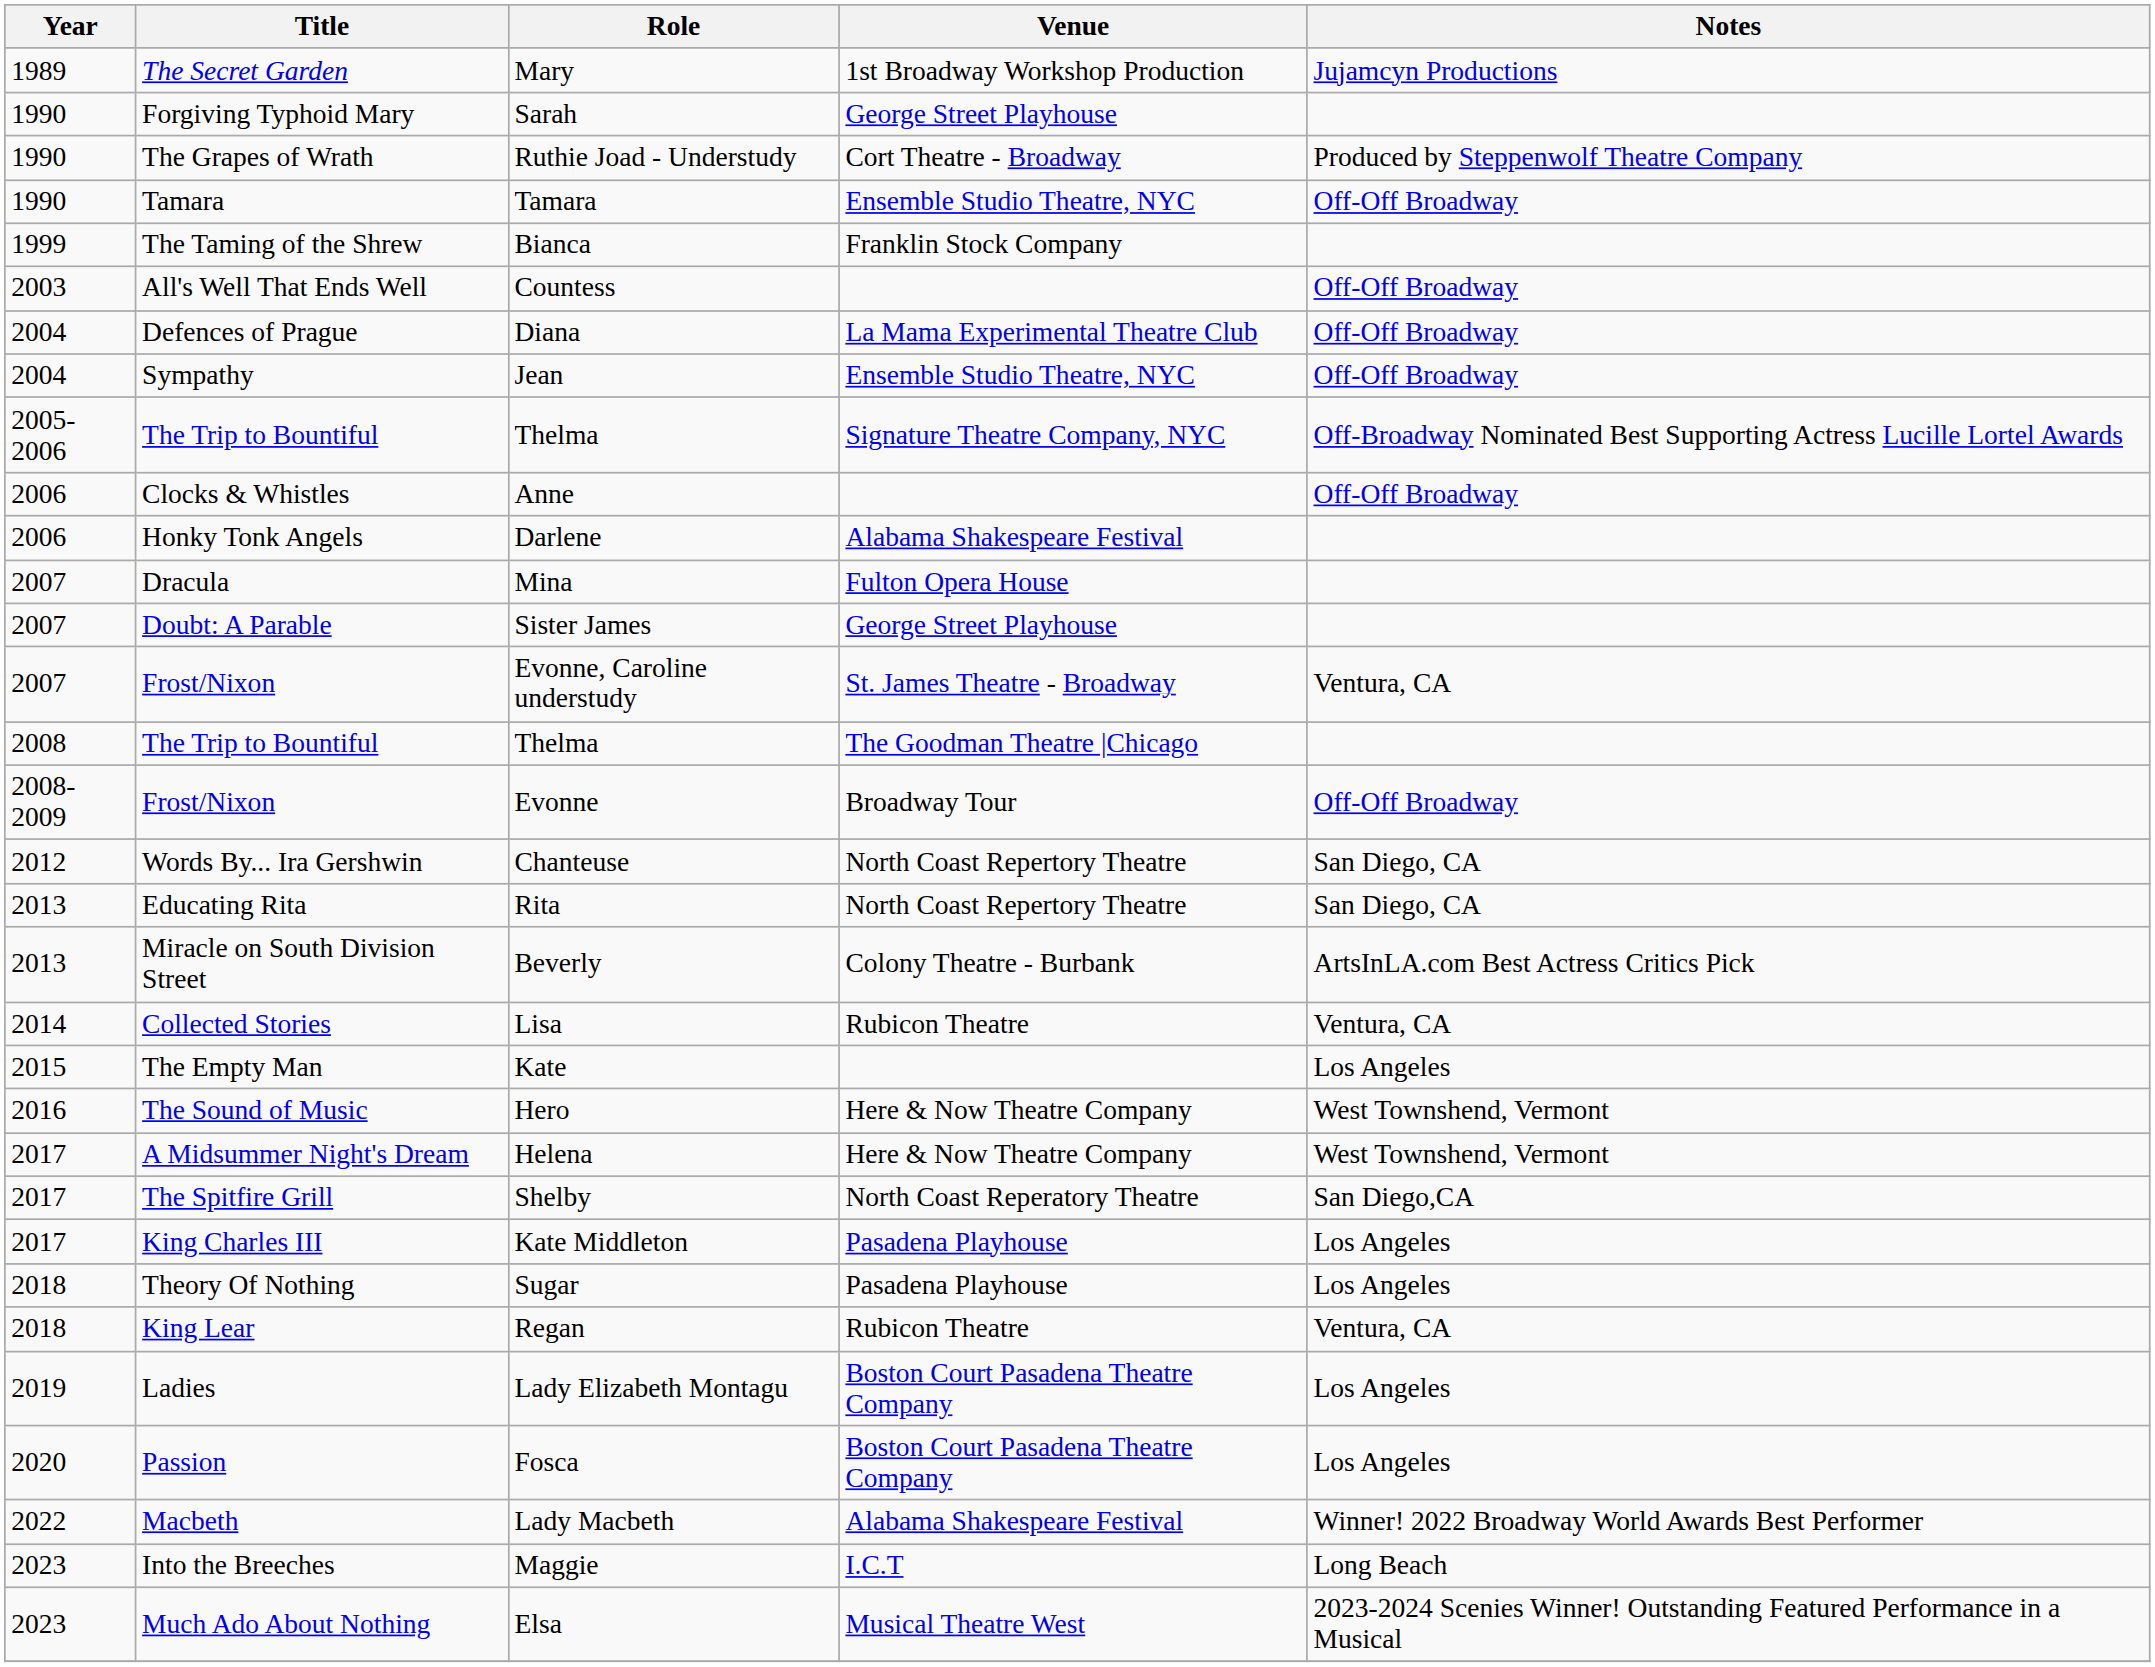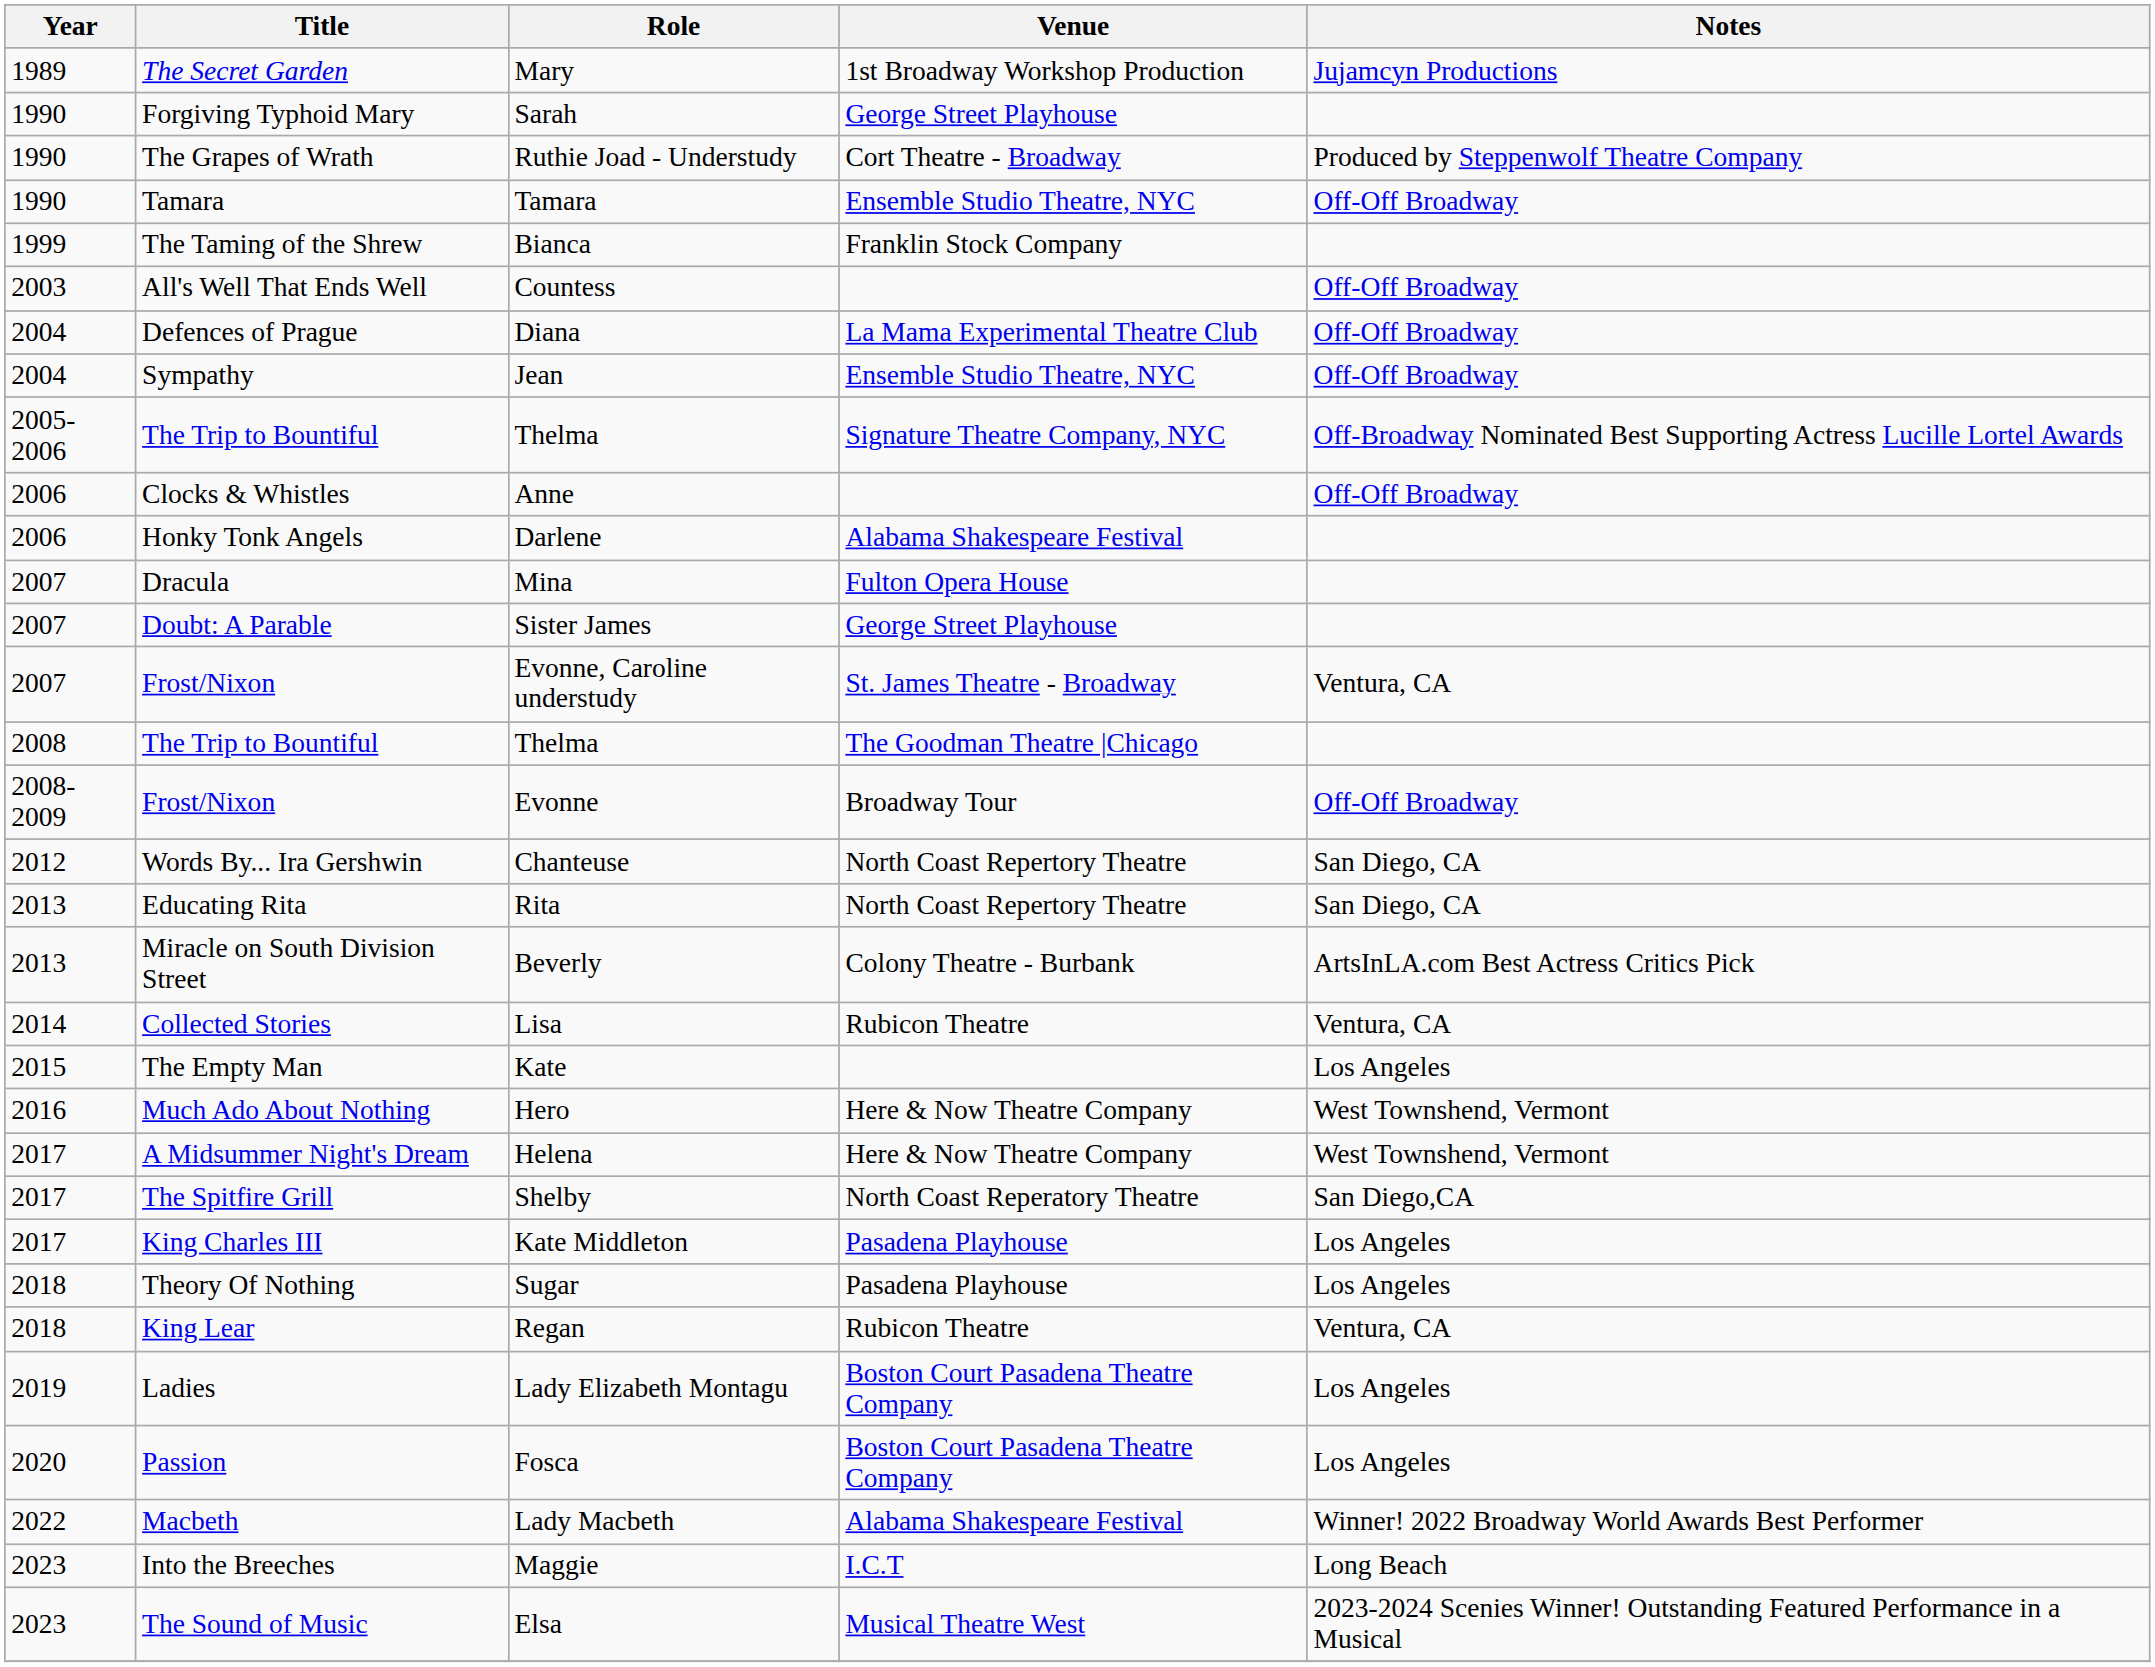 <table class="wikitable sortable">
 <tr>
 <th>Year</th>
 <th>Title</th>
 <th>Role</th>
 <th>Venue</th>
 <th class="unsortable">Notes</th>
 </tr>
 <tr>
 <td>1989</td>
 <td><em><a href='#'>The Secret Garden</a></em></td>
 <td>Mary</td>
 <td>1st Broadway Workshop Production</td>
 <td><a href='#'>Jujamcyn Productions</a></td>
 </tr>
 <tr>
 <td>1990</td>
 <td>Forgiving Typhoid Mary</td>
 <td>Sarah</td>
 <td><a href='#'>George Street Playhouse</a></td>
 </tr>
 <tr>
 <td>1990</td>
 <td>The Grapes of Wrath</td>
 <td>Ruthie Joad - Understudy</td>
 <td>Cort Theatre - <a href='#'>Broadway</a></td>
 <td>Produced by <a href='#'>Steppenwolf Theatre Company</a></td>
 </tr>
 <tr>
 <td>1990</td>
 <td>Tamara</td>
 <td>Tamara</td>
 <td><a href='#'>Ensemble Studio Theatre, NYC</a></td>
 <td><a href='#'>Off-Off Broadway</a></td>
 </tr>
 <tr>
 <td>1999</td>
 <td>The Taming of the Shrew</td>
 <td>Bianca</td>
 <td>Franklin Stock Company</td>
 </tr>
 <tr>
 <td>2003</td>
 <td>All's Well That Ends Well</td>
 <td>Countess</td>
 <td></td>
 <td><a href='#'>Off-Off Broadway</a></td>
 </tr>
 <tr>
 <td>2004</td>
 <td>Defences of Prague</td>
 <td>Diana</td>
 <td><a href='#'>La Mama Experimental Theatre Club</a></td>
 <td><a href='#'>Off-Off Broadway</a></td>
 </tr>
 <tr>
 <td>2004</td>
 <td>Sympathy</td>
 <td>Jean</td>
 <td><a href='#'>Ensemble Studio Theatre, NYC</a></td>
 <td><a href='#'>Off-Off Broadway</a></td>
 </tr>
 <tr>
 <td>2005-2006</td>
 <td><a href='#'>The Trip to Bountiful</a></td>
 <td>Thelma</td>
 <td><a href='#'>Signature Theatre Company, NYC</a></td>
 <td><a href='#'>Off-Broadway</a> Nominated Best Supporting Actress  <a href='#'>Lucille Lortel Awards</a></td>
 </tr>
 <tr>
 <td>2006</td>
 <td>Clocks & Whistles</td>
 <td>Anne</td>
 <td></td>
 <td><a href='#'>Off-Off Broadway</a></td>
 </tr>
 <tr>
 <td>2006</td>
 <td>Honky Tonk Angels</td>
 <td>Darlene</td>
 <td><a href='#'>Alabama Shakespeare Festival</a></td>
 <td></td>
 </tr>
 <tr>
 <td>2007</td>
 <td>Dracula</td>
 <td>Mina</td>
 <td><a href='#'>Fulton Opera House</a></td>
 <td></td>
 </tr>
 <tr>
 <td>2007</td>
 <td><a href='#'>Doubt: A Parable</a></td>
 <td>Sister James</td>
 <td><a href='#'>George Street Playhouse</a></td>
 </tr>
 <tr>
 <td>2007</td>
 <td><a href='#'>Frost/Nixon</a></td>
 <td>Evonne, Caroline understudy</td>
 <td><a href='#'>St. James Theatre</a> - <a href='#'>Broadway</a></td>
 <td>Ventura, CA</td>
 </tr>
 <tr>
 <td>2008</td>
 <td><a href='#'>The Trip to Bountiful</a></td>
 <td>Thelma</td>
 <td><a href='#'>The Goodman Theatre  |Chicago</a></td>
 </tr>
 <tr>
 <td>2008-2009</td>
 <td><a href='#'>Frost/Nixon</a></td>
 <td>Evonne</td>
 <td>Broadway Tour</td>
 <td><a href='#'>Off-Off Broadway</a></td>
 </tr>
 <tr>
 <td>2012</td>
 <td>Words By... Ira Gershwin</td>
 <td>Chanteuse</td>
 <td>North Coast Repertory Theatre</td>
 <td>San Diego, CA</td>
 </tr>
 <tr>
 <td>2013</td>
 <td>Educating Rita</td>
 <td>Rita</td>
 <td>North Coast Repertory Theatre</td>
 <td>San Diego, CA</td>
 </tr>
 <tr>
 <td>2013</td>
 <td>Miracle on South Division Street</td>
 <td>Beverly</td>
 <td>Colony Theatre - Burbank</td>
 <td>ArtsInLA.com Best Actress Critics Pick</td>
 </tr>
 <tr>
 <td>2014</td>
 <td><a href='#'>Collected Stories</a></td>
 <td>Lisa</td>
 <td>Rubicon Theatre</td>
 <td>Ventura, CA</td>
 </tr>
 <tr>
 <td>2015</td>
 <td>The Empty Man</td>
 <td>Kate</td>
 <td></td>
 <td>Los Angeles</td>
 </tr>
 <tr>
 <td>2016</td>
-<td><a href='#'>The Sound of Music</a></td>
+<td><a href='#'>Much Ado About Nothing</a></td>
 <td>Hero</td>
 <td>Here & Now Theatre Company</td>
 <td>West Townshend, Vermont</td>
 </tr>
 <tr>
 <td>2017</td>
 <td><a href='#'>A Midsummer Night's Dream</a></td>
 <td>Helena</td>
 <td>Here & Now Theatre Company</td>
 <td>West Townshend, Vermont</td>
 </tr>
 <tr>
 <td>2017</td>
 <td><a href='#'>The Spitfire Grill</a></td>
 <td>Shelby</td>
 <td>North Coast Reperatory Theatre</td>
 <td>San Diego,CA</td>
 </tr>
 <tr>
 <td>2017</td>
 <td><a href='#'>King Charles III</a></td>
 <td>Kate Middleton</td>
 <td><a href='#'>Pasadena Playhouse</a></td>
 <td>Los Angeles</td>
 </tr>
 <tr>
 <td>2018</td>
 <td>Theory Of Nothing</td>
 <td>Sugar</td>
 <td>Pasadena Playhouse</td>
 <td>Los Angeles</td>
 </tr>
 <tr>
 <td>2018</td>
 <td><a href='#'>King Lear</a></td>
 <td>Regan</td>
 <td>Rubicon Theatre</td>
 <td>Ventura, CA</td>
 </tr>
 <tr>
 <td>2019</td>
 <td>Ladies</td>
 <td>Lady Elizabeth Montagu</td>
 <td><a href='#'>Boston Court Pasadena Theatre Company</a></td>
 <td>Los Angeles</td>
 </tr>
 <tr>
 <td>2020</td>
 <td><a href='#'>Passion</a></td>
 <td>Fosca</td>
 <td><a href='#'>Boston Court Pasadena Theatre Company</a></td>
 <td>Los Angeles</td>
 </tr>
 <tr>
 <td>2022</td>
 <td><a href='#'>Macbeth</a></td>
 <td>Lady Macbeth</td>
 <td><a href='#'>Alabama Shakespeare Festival</a></td>
 <td>Winner! 2022 Broadway World Awards Best Performer</td>
 </tr>
 <tr>
 <td>2023</td>
 <td>Into the Breeches</td>
 <td>Maggie</td>
 <td><a href='#'>I.C.T</a></td>
 <td>Long Beach</td>
 </tr>
 <tr>
 <td>2023</td>
-<td><a href='#'>Much Ado About Nothing</a></td>
+<td><a href='#'>The Sound of Music</a></td>
 <td>Elsa</td>
 <td><a href='#'>Musical Theatre West</a></td>
 <td>2023-2024 Scenies Winner! Outstanding Featured Performance in a Musical  </td>
 </tr>
 <tr>
 </tr>
 </table>
